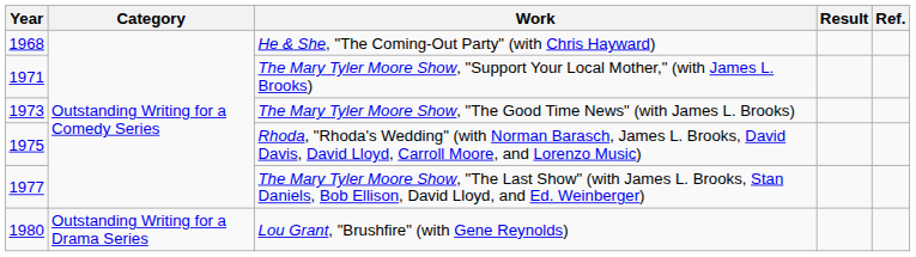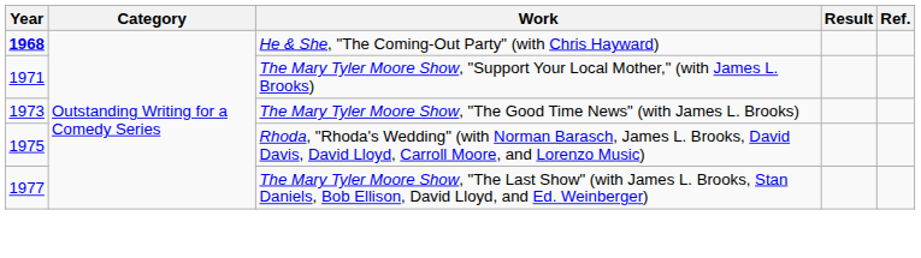 <table class="wikitable sortable plainrowheaders" Style=font-size:95%>
 <tr>
 <th scope="col">Year</th>
 <th scope="col">Category</th>
 <th scope="col">Work</th>
 <th scope="col">Result</th>
 <th scope="col" class="unsortable">Ref.</th>
 </tr>
 <tr>
-<td><a href='#'>1968</a></td>
+<td><strong><a href='#'>1968</a></strong></td>
 <td rowspan="5"><a href='#'>Outstanding Writing for a Comedy Series</a></td>
 <td><em><a href='#'>He & She</a></em>, "The Coming-Out Party" (with <a href='#'>Chris Hayward</a>)</td>
 <td></td>
 <td></td>
 </tr>
 <tr>
 <td><a href='#'>1971</a></td>
 <td><em><a href='#'>The Mary Tyler Moore Show</a></em>, "Support Your Local Mother," (with <a href='#'>James L. Brooks</a>)</td>
 <td></td>
 <td></td>
 </tr>
 <tr>
 <td><a href='#'>1973</a></td>
 <td><em><a href='#'>The Mary Tyler Moore Show</a></em>, "The Good Time News" (with James L. Brooks)</td>
 <td></td>
 <td></td>
 </tr>
 <tr>
 <td><a href='#'>1975</a></td>
 <td><em><a href='#'>Rhoda</a></em>, "Rhoda's Wedding" (with <a href='#'>Norman Barasch</a>, James L. Brooks, <a href='#'>David Davis</a>, <a href='#'>David Lloyd</a>, <a href='#'>Carroll Moore</a>, and <a href='#'>Lorenzo Music</a>)</td>
 <td></td>
 <td></td>
 </tr>
 <tr>
 <td><a href='#'>1977</a></td>
 <td><em><a href='#'>The Mary Tyler Moore Show</a></em>, "The Last Show" (with James L. Brooks, <a href='#'>Stan Daniels</a>, <a href='#'>Bob Ellison</a>, David Lloyd, and <a href='#'>Ed. Weinberger</a>)</td>
 <td></td>
 <td></td>
 </tr>
-<tr>
-<td><a href='#'>1980</a></td>
-<td><a href='#'>Outstanding Writing for a Drama Series</a></td>
-<td><em><a href='#'>Lou Grant</a></em>, "Brushfire" (with <a href='#'>Gene Reynolds</a>)</td>
-<td></td>
-<td></td>
-</tr>
 </table>
